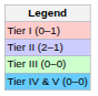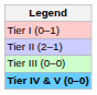 <table class="wikitable">
 <tr>
 <th>Legend</th>
 </tr>
 <tr>
 <td bgcolor="#ffcccc">Tier I (0–1)</td>
 </tr>
 <tr>
 <td bgcolor="#ccccff">Tier II (2–1)</td>
 </tr>
 <tr>
 <td bgcolor="#CCFFCC">Tier III (0–0)</td>
 </tr>
 <tr>
-<td bgcolor="#66CCFF">Tier IV & V (0–0)</td>
+<td bgcolor="#66CCFF"><strong>Tier IV & V (0–0)</strong></td>
 </tr>
 </table>
